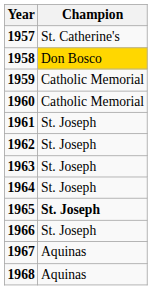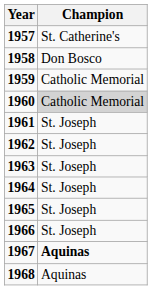 <table class="wikitable">
 <tr>
 <th>Year</th>
 <th>Champion</th>
 </tr>
 <tr>
 <td><strong>1957</strong></td>
 <td>St. Catherine's</td>
 </tr>
 <tr>
 <td><strong>1958</strong></td>
-<td style="background: gold;">Don Bosco</td>
+<td>Don Bosco</td>
 </tr>
 <tr>
 <td><strong>1959</strong></td>
 <td>Catholic Memorial</td>
 </tr>
 <tr>
 <td><strong>1960</strong></td>
-<td>Catholic Memorial</td>
+<td style="background: lightgrey;">Catholic Memorial</td>
 </tr>
 <tr>
 <td><strong>1961</strong></td>
 <td>St. Joseph</td>
 </tr>
 <tr>
 <td><strong>1962</strong></td>
 <td>St. Joseph</td>
 </tr>
 <tr>
 <td><strong>1963</strong></td>
 <td>St. Joseph</td>
 </tr>
 <tr>
 <td><strong>1964</strong></td>
 <td>St. Joseph</td>
 </tr>
 <tr>
 <td><strong>1965</strong></td>
-<td><strong>St. Joseph</strong></td>
+<td>St. Joseph</td>
 </tr>
 <tr>
 <td><strong>1966</strong></td>
 <td>St. Joseph</td>
 </tr>
 <tr>
 <td><strong>1967</strong></td>
-<td>Aquinas</td>
+<td><strong>Aquinas</strong></td>
 </tr>
 <tr>
 <td><strong>1968</strong></td>
 <td>Aquinas</td>
 </tr>
 </table>
